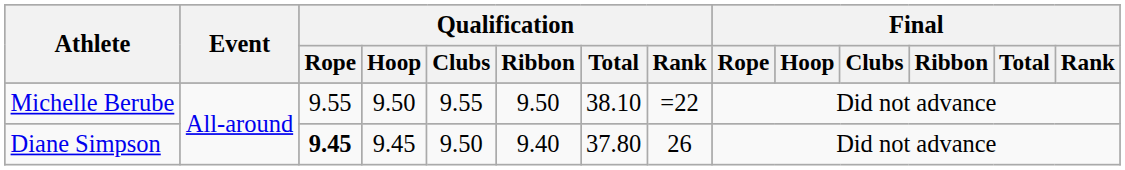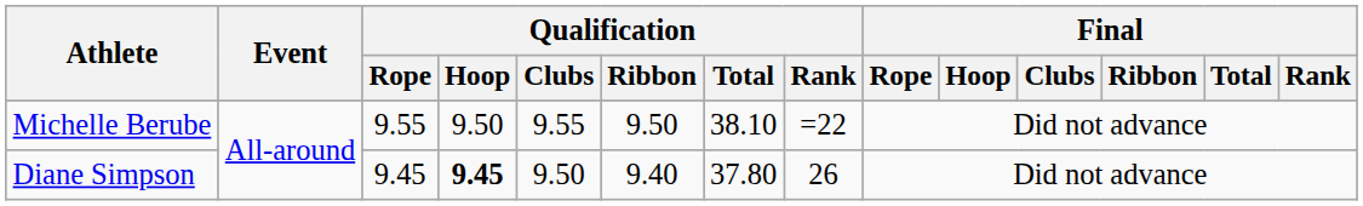 <table class=wikitable style=font-size:90%;text-align:center>
 <tr>
 <th rowspan=2>Athlete</th>
 <th rowspan=2>Event</th>
 <th colspan=6>Qualification</th>
 <th colspan=6>Final</th>
 </tr>
 <tr style=font-size:95%>
 <th>Rope</th>
 <th>Hoop</th>
 <th>Clubs</th>
 <th>Ribbon</th>
 <th>Total</th>
 <th>Rank</th>
 <th>Rope</th>
 <th>Hoop</th>
 <th>Clubs</th>
 <th>Ribbon</th>
 <th>Total</th>
 <th>Rank</th>
 </tr>
 <tr>
 <td align=left><a href='#'>Michelle Berube</a></td>
 <td align=left rowspan=2><a href='#'>All-around</a></td>
 <td>9.55</td>
 <td>9.50</td>
 <td>9.55</td>
 <td>9.50</td>
 <td>38.10</td>
 <td>=22</td>
 <td colspan=6>Did not advance</td>
 </tr>
 <tr>
 <td align=left><a href='#'>Diane Simpson</a></td>
+<td>9.45</td>
 <td><strong>9.45</strong></td>
-<td>9.45</td>
 <td>9.50</td>
 <td>9.40</td>
 <td>37.80</td>
 <td>26</td>
 <td colspan=6>Did not advance</td>
 </tr>
 </table>
